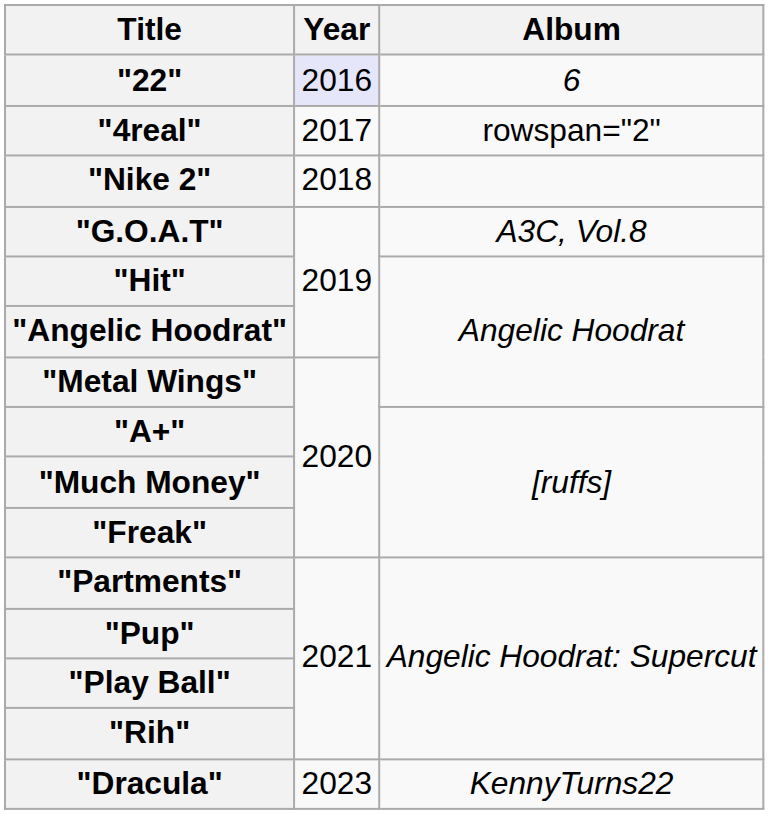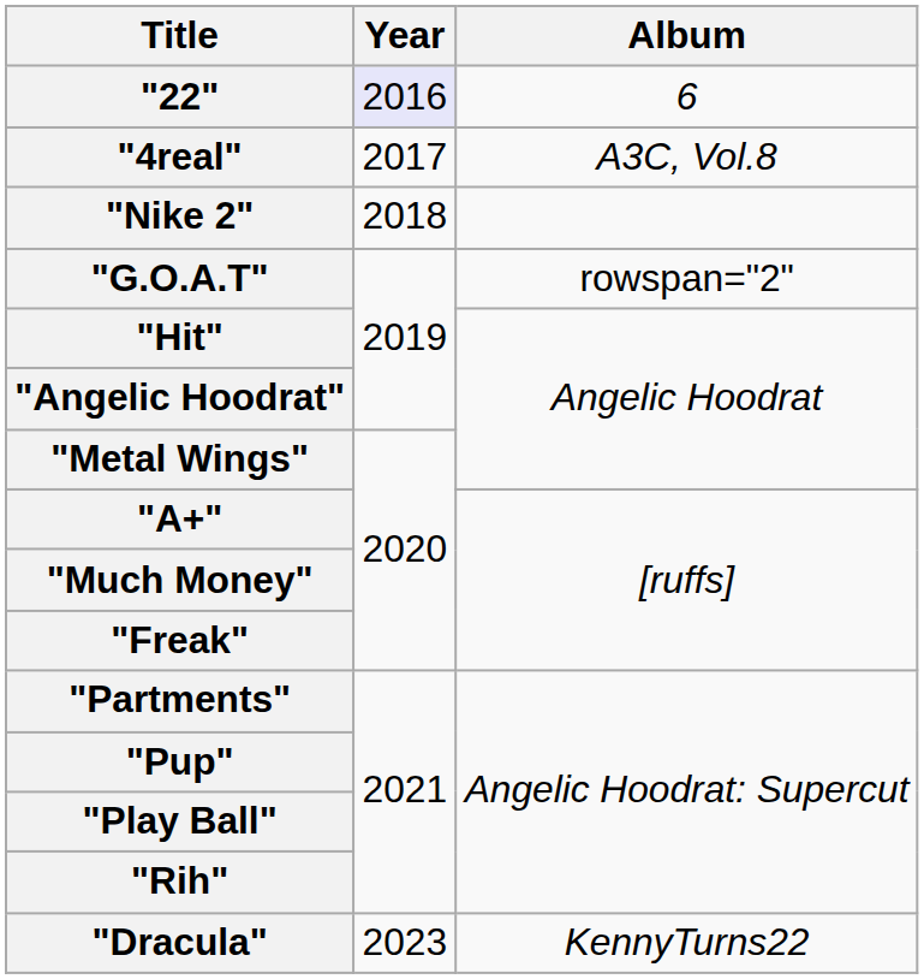 <table class="wikitable plainrowheaders" style="text-align:center;">
 <tr>
 <th scope="col">Title</th>
 <th scope="col">Year</th>
 <th scope="col">Album</th>
 </tr>
 <tr>
 <th scope="row">"22"</th>
 <td style="background: lavender;">2016</td>
 <td><em>6</em></td>
 </tr>
 <tr>
 <th scope="row">"4real"</th>
 <td>2017</td>
-<td>rowspan="2" </td>
+<td><em>A3C, Vol.8</em></td>
 </tr>
 <tr>
 <th scope="row">"Nike 2"</th>
 <td>2018</td>
 </tr>
 <tr>
 <th scope="row">"G.O.A.T"</th>
 <td rowspan="3">2019</td>
-<td><em>A3C, Vol.8</em></td>
+<td>rowspan="2" </td>
 </tr>
 <tr>
 <th scope="row">"Hit"</th>
 <td rowspan="3"><em>Angelic Hoodrat</em></td>
 </tr>
 <tr>
 <th scope="row">"Angelic Hoodrat"</th>
 </tr>
 <tr>
 <th scope="row">"Metal Wings"</th>
 <td rowspan="4">2020</td>
 </tr>
 <tr>
 <th scope="row">"A+"<br></th>
 <td rowspan="3"><em>[ruffs]</em></td>
 </tr>
 <tr>
 <th scope="row">"Much Money"</th>
 </tr>
 <tr>
 <th scope="row">"Freak"<br></th>
 </tr>
 <tr>
 <th scope="row">"Partments"</th>
 <td rowspan="4">2021</td>
 <td rowspan="4"><em>Angelic Hoodrat: Supercut</em></td>
 </tr>
 <tr>
 <th scope="row">"Pup"</th>
 </tr>
 <tr>
 <th scope="row">"Play Ball"</th>
 </tr>
 <tr>
 <th scope="row">"Rih"</th>
 </tr>
 <tr>
 <th scope="row">"Dracula"</th>
 <td>2023</td>
 <td><em>KennyTurns22</em></td>
 </tr>
 </table>
